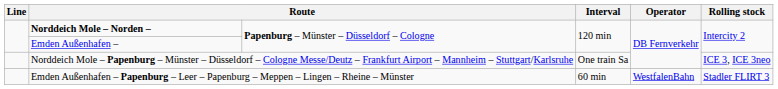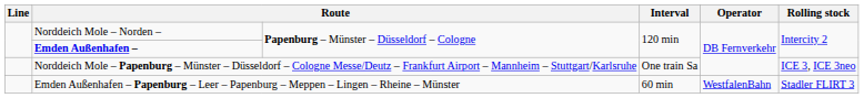 <table class="wikitable">
 <tr>
 <th>Line</th>
 <th colspan="3">Route</th>
 <th>Interval</th>
 <th>Operator</th>
 <th>Rolling stock</th>
 </tr>
 <tr>
 <td rowspan="2"></td>
-<td><strong>Norddeich Mole – Norden –</strong></td>
+<td>Norddeich Mole – Norden –</td>
 <td colspan="2" rowspan="2"><strong>Papenburg</strong> – Münster – <a href='#'>Düsseldorf</a> – <a href='#'>Cologne</a></td>
 <td rowspan="2">120 min</td>
 <td rowspan="3"><a href='#'>DB Fernverkehr</a></td>
 <td rowspan="2"><a href='#'>Intercity 2</a></td>
 </tr>
 <tr>
-<td><a href='#'>Emden Außenhafen</a> –</td>
+<td><strong><a href='#'>Emden Außenhafen</a> –</strong></td>
 </tr>
 <tr>
 <td></td>
 <td colspan="3">Norddeich Mole – <strong>Papenburg</strong> – Münster – Düsseldorf – <a href='#'>Cologne Messe/Deutz</a> – <a href='#'>Frankfurt Airport</a> – <a href='#'>Mannheim</a> – <a href='#'>Stuttgart</a>/<a href='#'>Karlsruhe</a></td>
 <td>One train Sa</td>
 <td><a href='#'>ICE 3</a>, <a href='#'>ICE 3neo</a></td>
 </tr>
 <tr>
 <td></td>
 <td colspan="3">Emden Außenhafen – <strong>Papenburg</strong> – Leer – Papenburg – Meppen – Lingen – Rheine – Münster</td>
 <td>60 min</td>
 <td><a href='#'>WestfalenBahn</a></td>
 <td><a href='#'>Stadler FLIRT 3</a></td>
 </tr>
 </table>
